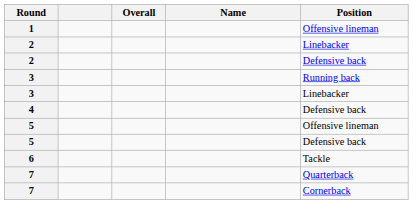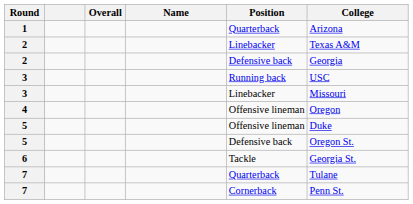 <table class="wikitable sortable" style="width: 50%;">
 <tr>
 <th scope="col" style="width: 10%;">Round</th>
 <th scope="col" style="width: 10%;"></th>
 <th scope="col" style="width: 10%;">Overall</th>
 <th scope="col" style="width: 25%;">Name</th>
 <th scope="col" style="width: 20%;">Position</th>
+<th scope="col" style="width: 25%;">College</th>
 </tr>
 <tr>
 <th scope="row">1</th>
 <td></td>
 <td></td>
 <td></td>
-<td><a href='#'>Offensive lineman</a></td>
+<td><a href='#'>Quarterback</a></td>
+<td><a href='#'>Arizona</a></td>
 </tr>
 <tr>
 <th scope="row">2</th>
 <td></td>
 <td></td>
 <td></td>
 <td><a href='#'>Linebacker</a></td>
+<td><a href='#'>Texas A&M</a></td>
 </tr>
 <tr>
 <th scope="row">2</th>
 <td></td>
 <td></td>
 <td></td>
 <td><a href='#'>Defensive back</a></td>
+<td><a href='#'>Georgia</a></td>
 </tr>
 <tr>
 <th scope="row">3</th>
 <td></td>
 <td></td>
 <td></td>
 <td><a href='#'>Running back</a></td>
+<td><a href='#'>USC</a></td>
 </tr>
 <tr>
 <th scope="row">3</th>
 <td></td>
 <td></td>
 <td></td>
 <td>Linebacker</td>
+<td><a href='#'>Missouri</a></td>
 </tr>
 <tr>
 <th scope="row">4</th>
 <td></td>
 <td></td>
 <td></td>
-<td>Defensive back</td>
+<td>Offensive lineman</td>
+<td><a href='#'>Oregon</a></td>
 </tr>
 <tr>
 <th scope="row">5</th>
 <td></td>
 <td></td>
 <td></td>
 <td>Offensive lineman</td>
+<td><a href='#'>Duke</a></td>
 </tr>
 <tr>
 <th scope="row">5</th>
 <td></td>
 <td></td>
 <td></td>
 <td>Defensive back</td>
+<td><a href='#'>Oregon St.</a></td>
 </tr>
 <tr>
 <th scope="row">6</th>
 <td></td>
 <td></td>
 <td></td>
 <td>Tackle</td>
+<td><a href='#'>Georgia St.</a></td>
 </tr>
 <tr>
 <th scope="row">7</th>
 <td></td>
 <td></td>
 <td></td>
 <td><a href='#'>Quarterback</a></td>
+<td><a href='#'>Tulane</a></td>
 </tr>
 <tr>
 <th scope="row">7</th>
 <td></td>
 <td></td>
 <td></td>
 <td><a href='#'>Cornerback</a></td>
+<td><a href='#'>Penn St.</a></td>
 </tr>
 </table>
